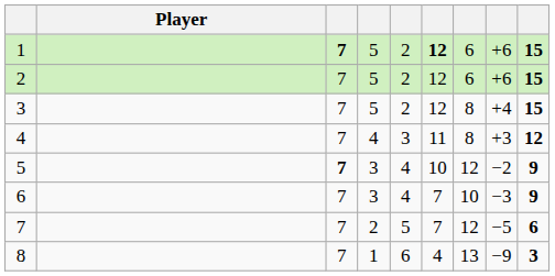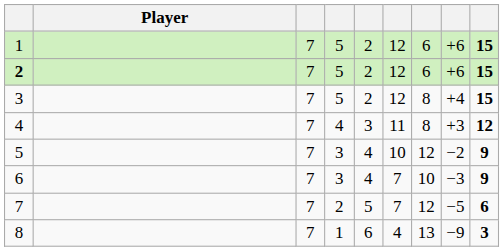 <table class="wikitable" style="text-align:center; margin: 1em auto 1em auto, align:left">
 <tr>
 <th width=20></th>
 <th width=240>Player</th>
 <th width=20></th>
 <th width=20></th>
 <th width=20></th>
 <th width=20></th>
 <th width=20></th>
 <th width=20></th>
 <th width=20></th>
 </tr>
 <tr style="background:#D0F0C0;">
 <td>1</td>
 <td align=left></td>
-<td><strong>7</strong></td>
+<td>7</td>
 <td>5</td>
 <td>2</td>
-<td><strong>12</strong></td>
+<td>12</td>
 <td>6</td>
 <td>+6</td>
 <td><strong>15</strong></td>
 </tr>
 <tr style="background:#D0F0C0;">
-<td>2</td>
+<td><strong>2</strong></td>
 <td align=left></td>
 <td>7</td>
 <td>5</td>
 <td>2</td>
 <td>12</td>
 <td>6</td>
 <td>+6</td>
 <td><strong>15</strong></td>
 </tr>
 <tr style=>
 <td>3</td>
 <td align=left></td>
 <td>7</td>
 <td>5</td>
 <td>2</td>
 <td>12</td>
 <td>8</td>
 <td>+4</td>
 <td><strong>15</strong></td>
 </tr>
 <tr style=>
 <td>4</td>
 <td align=left></td>
 <td>7</td>
 <td>4</td>
 <td>3</td>
 <td>11</td>
 <td>8</td>
 <td>+3</td>
 <td><strong>12</strong></td>
 </tr>
 <tr style=>
 <td>5</td>
 <td align=left></td>
-<td><strong>7</strong></td>
+<td>7</td>
 <td>3</td>
 <td>4</td>
 <td>10</td>
 <td>12</td>
 <td>−2</td>
 <td><strong>9</strong></td>
 </tr>
 <tr style=>
 <td>6</td>
 <td align=left></td>
 <td>7</td>
 <td>3</td>
 <td>4</td>
 <td>7</td>
 <td>10</td>
 <td>−3</td>
 <td><strong>9</strong></td>
 </tr>
 <tr style=>
 <td>7</td>
 <td align=left></td>
 <td>7</td>
 <td>2</td>
 <td>5</td>
 <td>7</td>
 <td>12</td>
 <td>−5</td>
 <td><strong>6</strong></td>
 </tr>
 <tr style=>
 <td>8</td>
 <td align=left></td>
 <td>7</td>
 <td>1</td>
 <td>6</td>
 <td>4</td>
 <td>13</td>
 <td>−9</td>
 <td><strong>3</strong></td>
 </tr>
 </table>
